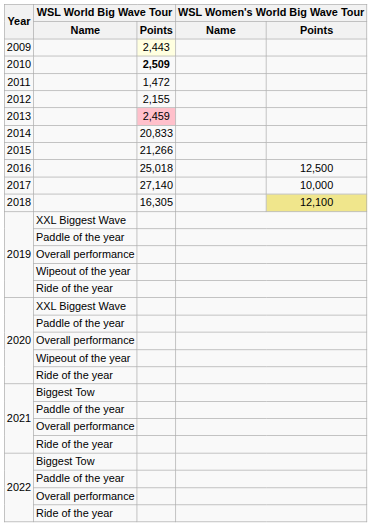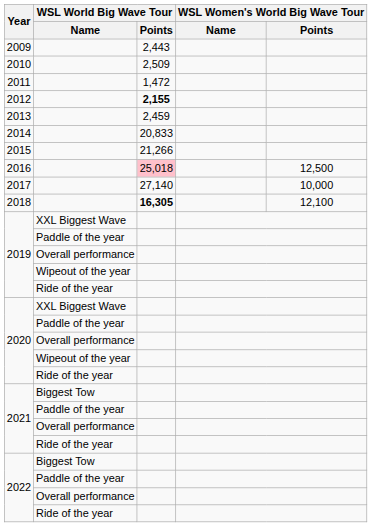 <table class="wikitable">
 <tr>
 <th rowspan="2">Year</th>
 <th colspan="2">WSL World Big Wave Tour</th>
 <th colspan="2">WSL Women's World Big Wave Tour</th>
 </tr>
 <tr>
 <th>Name</th>
 <th>Points</th>
 <th>Name</th>
 <th>Points</th>
 </tr>
 <tr>
 <td style="text-align:center;">2009</td>
 <td></td>
-<td style="background: lightyellow; text-align:center;">2,443</td>
+<td style="text-align:center;">2,443</td>
 <td></td>
 <td></td>
 </tr>
 <tr>
 <td style="text-align:center;">2010</td>
 <td></td>
-<td style="text-align:center;"><strong>2,509</strong></td>
+<td style="text-align:center;">2,509</td>
 <td></td>
 <td></td>
 </tr>
 <tr>
 <td style="text-align:center;">2011</td>
 <td></td>
 <td style="text-align:center;">1,472</td>
 <td></td>
 <td></td>
 </tr>
 <tr>
 <td style="text-align:center;">2012</td>
 <td></td>
-<td style="text-align:center;">2,155</td>
+<td style="text-align:center;"><strong>2,155</strong></td>
 <td></td>
 <td></td>
 </tr>
 <tr>
 <td style="text-align:center;">2013</td>
 <td></td>
-<td style="background: pink; text-align:center;">2,459</td>
+<td style="text-align:center;">2,459</td>
 <td></td>
 <td></td>
 </tr>
 <tr>
 <td style="text-align:center;">2014</td>
 <td></td>
 <td style="text-align:center;">20,833</td>
 <td></td>
 <td></td>
 </tr>
 <tr>
 <td style="text-align:center;">2015</td>
 <td></td>
 <td style="text-align:center;">21,266</td>
 <td></td>
 <td></td>
 </tr>
 <tr>
 <td style="text-align:center;">2016</td>
 <td></td>
-<td style="text-align:center;">25,018</td>
+<td style="background: pink; text-align:center;">25,018</td>
 <td></td>
 <td style="text-align:center;">12,500</td>
 </tr>
 <tr>
 <td style="text-align:center;">2017</td>
 <td></td>
 <td style="text-align:center;">27,140</td>
 <td></td>
 <td style="text-align:center;">10,000</td>
 </tr>
 <tr>
 <td style="text-align:center;">2018</td>
 <td></td>
-<td style="text-align:center;">16,305</td>
+<td style="text-align:center;"><strong>16,305</strong></td>
 <td></td>
-<td style="background: khaki; text-align:center;">12,100</td>
+<td style="text-align:center;">12,100</td>
 </tr>
 <tr>
 <td style="text-align:center;" rowspan="5">2019</td>
 <td>XXL Biggest Wave</td>
 <td></td>
 <td colspan="2"></td>
 </tr>
 <tr>
 <td>Paddle of the year</td>
 <td></td>
 <td colspan="2"></td>
 </tr>
 <tr>
 <td>Overall performance</td>
 <td></td>
 <td colspan="2"></td>
 </tr>
 <tr>
 <td>Wipeout of the year</td>
 <td></td>
 <td colspan="2"></td>
 </tr>
 <tr>
 <td>Ride of the year</td>
 <td></td>
 <td colspan="2"></td>
 </tr>
 <tr>
 <td rowspan="5">2020</td>
 <td>XXL Biggest Wave</td>
 <td></td>
 <td colspan="2"></td>
 </tr>
 <tr>
 <td>Paddle of the year</td>
 <td></td>
 <td colspan="2"></td>
 </tr>
 <tr>
 <td>Overall performance</td>
 <td></td>
 <td colspan="2"></td>
 </tr>
 <tr>
 <td>Wipeout of the year</td>
 <td></td>
 <td colspan="2"></td>
 </tr>
 <tr>
 <td>Ride of the year</td>
 <td></td>
 <td colspan="2"></td>
 </tr>
 <tr>
 <td rowspan="4" style="text-align:center;">2021</td>
 <td>Biggest Tow</td>
 <td></td>
 <td colspan="2"></td>
 </tr>
 <tr>
 <td>Paddle of the year</td>
 <td></td>
 <td colspan="2"></td>
 </tr>
 <tr>
 <td>Overall performance</td>
 <td></td>
 <td colspan="2"></td>
 </tr>
 <tr>
 <td>Ride of the year</td>
 <td></td>
 <td colspan="2"></td>
 </tr>
 <tr>
 <td rowspan="4">2022</td>
 <td>Biggest Tow</td>
 <td></td>
 <td colspan="2"></td>
 </tr>
 <tr>
 <td>Paddle of the year</td>
 <td></td>
 <td colspan="2"></td>
 </tr>
 <tr>
 <td>Overall performance</td>
 <td></td>
 <td colspan="2"></td>
 </tr>
 <tr>
 <td>Ride of the year</td>
 <td></td>
 <td colspan="2"></td>
 </tr>
 </table>
